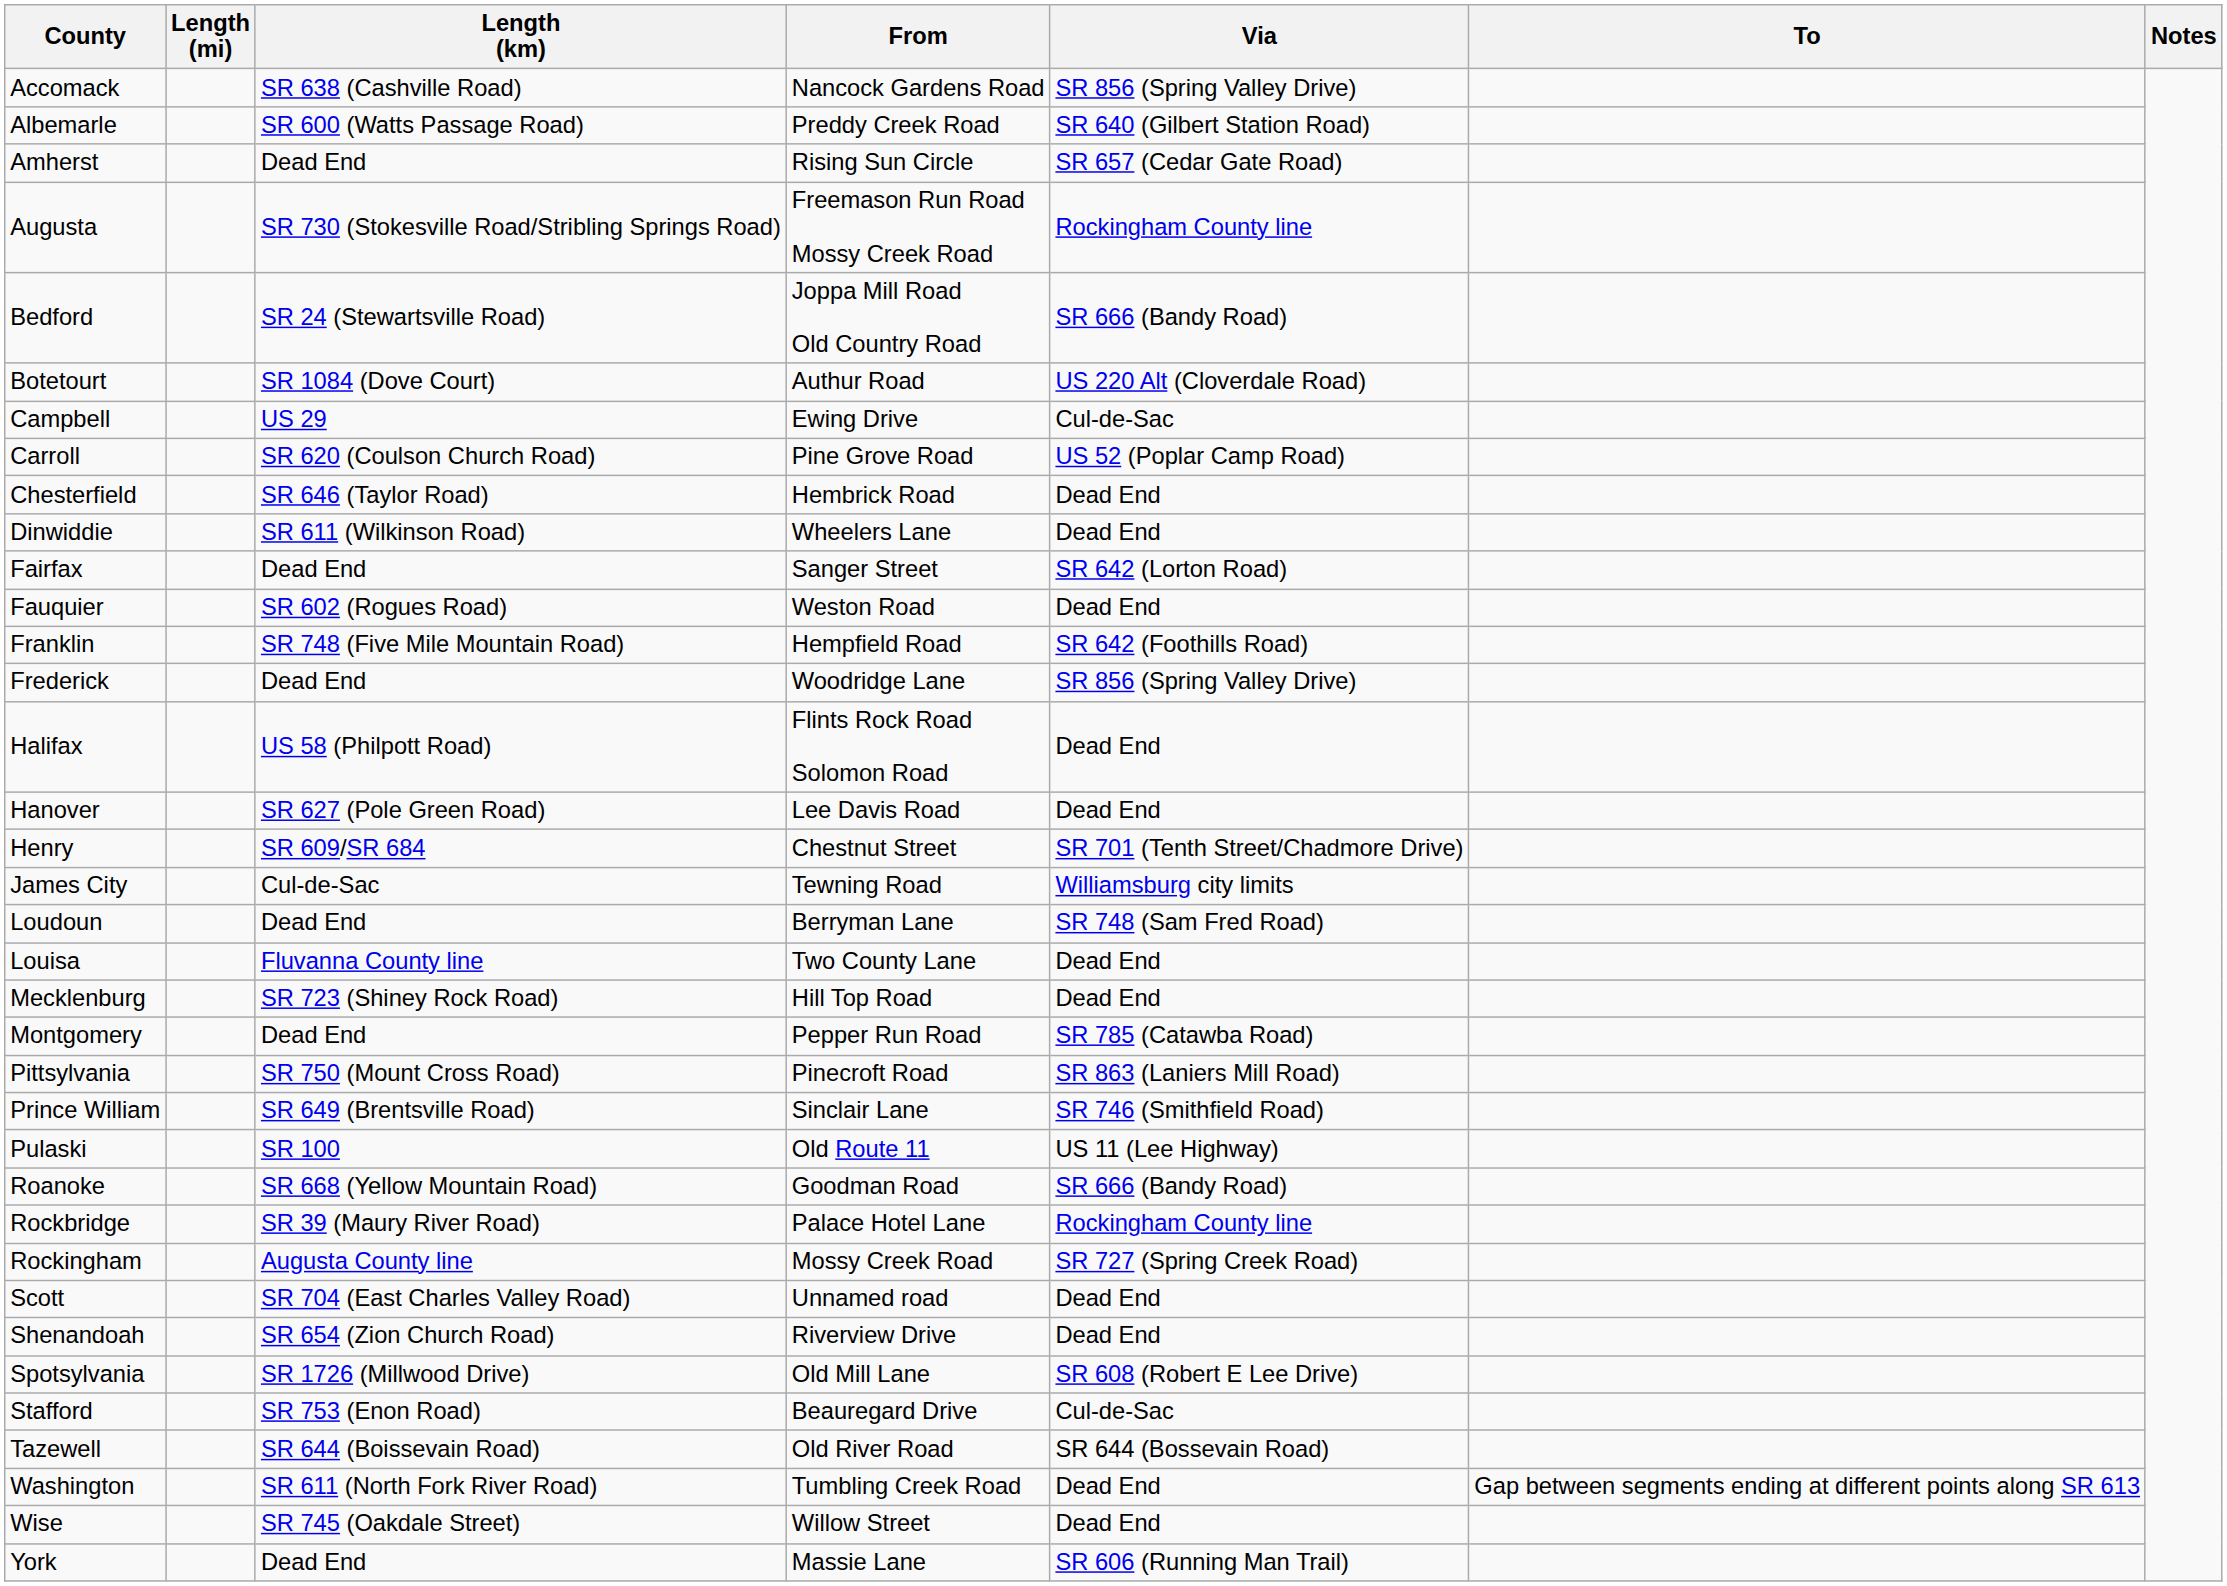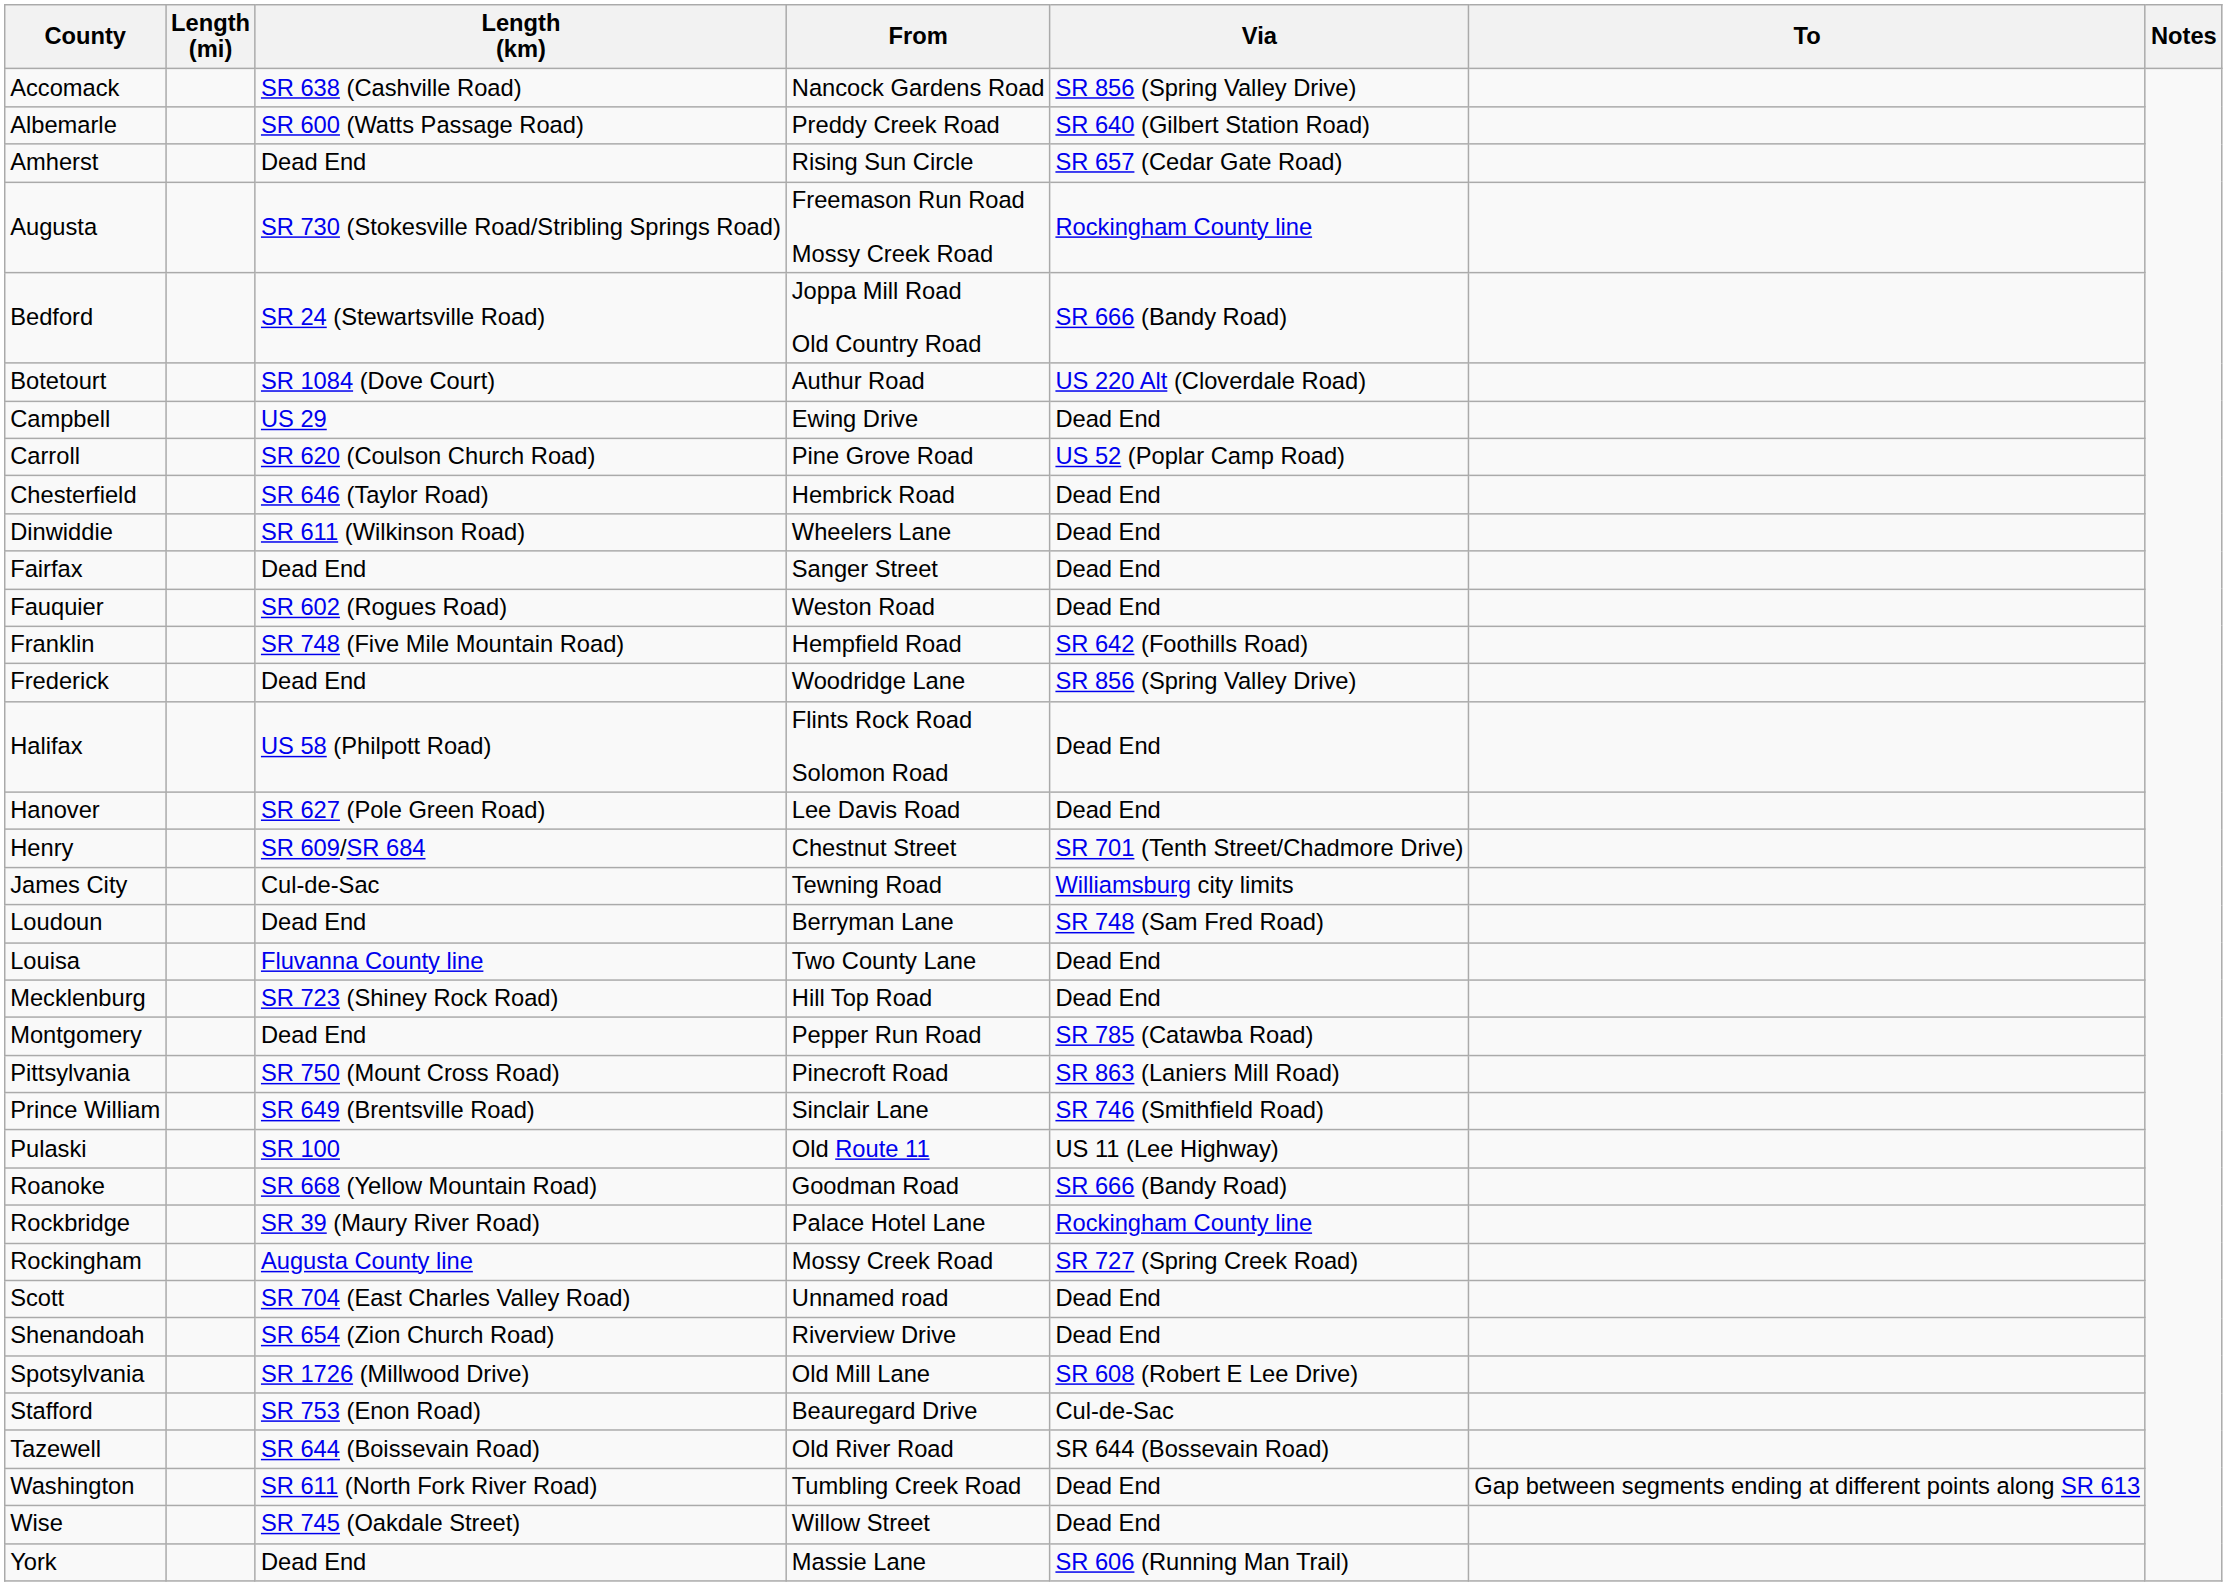 <table class="wikitable sortable">
 <tr>
 <th>County</th>
 <th>Length<br>(mi)</th>
 <th>Length<br>(km)</th>
 <th class="unsortable">From</th>
 <th class="unsortable">Via</th>
 <th class="unsortable">To</th>
 <th class="unsortable">Notes</th>
 </tr>
 <tr>
 <td id="Accomack">Accomack</td>
 <td></td>
 <td><a href='#'>SR 638</a> (Cashville Road)</td>
 <td>Nancock Gardens Road</td>
 <td><a href='#'>SR 856</a> (Spring Valley Drive)</td>
 <td></td>
 </tr>
 <tr>
 <td id="Albemarle">Albemarle</td>
 <td></td>
 <td><a href='#'>SR 600</a> (Watts Passage Road)</td>
 <td>Preddy Creek Road</td>
 <td><a href='#'>SR 640</a> (Gilbert Station Road)</td>
 <td><br> </td>
 </tr>
 <tr>
 <td id="Amherst">Amherst</td>
 <td></td>
 <td>Dead End</td>
 <td>Rising Sun Circle</td>
 <td><a href='#'>SR 657</a> (Cedar Gate Road)</td>
 <td><br> </td>
 </tr>
 <tr>
 <td id="Augusta">Augusta</td>
 <td></td>
 <td><a href='#'>SR 730</a> (Stokesville Road/Stribling Springs Road)</td>
 <td>Freemason Run Road<br><br>Mossy Creek Road</td>
 <td><a href='#'>Rockingham County line</a></td>
 <td><br></td>
 </tr>
 <tr>
 <td id="Bedford">Bedford</td>
 <td></td>
 <td><a href='#'>SR 24</a> (Stewartsville Road)</td>
 <td>Joppa Mill Road<br><br>Old Country Road</td>
 <td><a href='#'>SR 666</a> (Bandy Road)</td>
 <td><br></td>
 </tr>
 <tr>
 <td id="Botetourt">Botetourt</td>
 <td></td>
 <td><a href='#'>SR 1084</a> (Dove Court)</td>
 <td>Authur Road</td>
 <td><a href='#'>US 220 Alt</a> (Cloverdale Road)</td>
 <td><br>  </td>
 </tr>
 <tr>
 <td id="Campbell">Campbell</td>
 <td></td>
 <td><a href='#'>US 29</a></td>
 <td>Ewing Drive</td>
-<td>Cul-de-Sac</td>
+<td>Dead End</td>
 <td><br></td>
 </tr>
 <tr>
 <td id="Carroll">Carroll</td>
 <td></td>
 <td><a href='#'>SR 620</a> (Coulson Church Road)</td>
 <td>Pine Grove Road</td>
 <td><a href='#'>US 52</a> (Poplar Camp Road)</td>
 <td><br> </td>
 </tr>
 <tr>
 <td id="Chesterfield">Chesterfield</td>
 <td></td>
 <td><a href='#'>SR 646</a> (Taylor Road)</td>
 <td>Hembrick Road</td>
 <td>Dead End</td>
 <td><br>    </td>
 </tr>
 <tr>
 <td id="Dinwiddie">Dinwiddie</td>
 <td></td>
 <td><a href='#'>SR 611</a> (Wilkinson Road)</td>
 <td>Wheelers Lane</td>
 <td>Dead End</td>
 <td><br></td>
 </tr>
 <tr>
 <td id="Fairfax">Fairfax</td>
 <td></td>
 <td>Dead End</td>
 <td>Sanger Street</td>
-<td><a href='#'>SR 642</a> (Lorton Road)</td>
+<td>Dead End</td>
 <td></td>
 </tr>
 <tr>
 <td id="Fauquier">Fauquier</td>
 <td></td>
 <td><a href='#'>SR 602</a> (Rogues Road)</td>
 <td>Weston Road</td>
 <td>Dead End</td>
 <td><br> </td>
 </tr>
 <tr>
 <td id="Franklin">Franklin</td>
 <td></td>
 <td><a href='#'>SR 748</a> (Five Mile Mountain Road)</td>
 <td>Hempfield Road</td>
 <td><a href='#'>SR 642</a> (Foothills Road)</td>
 <td></td>
 </tr>
 <tr>
 <td id="Frederick">Frederick</td>
 <td></td>
 <td>Dead End</td>
 <td>Woodridge Lane</td>
 <td><a href='#'>SR 856</a> (Spring Valley Drive)</td>
 <td><br>     </td>
 </tr>
 <tr>
 <td id="Halifax">Halifax</td>
 <td></td>
 <td><a href='#'>US 58</a> (Philpott Road)</td>
 <td>Flints Rock Road<br><br>Solomon Road</td>
 <td>Dead End</td>
 <td></td>
 </tr>
 <tr>
 <td id="Hanover">Hanover</td>
 <td></td>
 <td><a href='#'>SR 627</a> (Pole Green Road)</td>
 <td>Lee Davis Road</td>
 <td>Dead End</td>
 <td><br></td>
 </tr>
 <tr>
 <td id="Henry">Henry</td>
 <td></td>
 <td><a href='#'>SR 609</a>/<a href='#'>SR 684</a></td>
 <td>Chestnut Street</td>
 <td><a href='#'>SR 701</a> (Tenth Street/Chadmore Drive)</td>
 <td><br> </td>
 </tr>
 <tr>
 <td id="James City">James City</td>
 <td></td>
 <td>Cul-de-Sac</td>
 <td>Tewning Road</td>
 <td><a href='#'>Williamsburg</a> city limits</td>
 <td><br>    </td>
 </tr>
 <tr>
 <td id="Loudoun">Loudoun</td>
 <td></td>
 <td>Dead End</td>
 <td>Berryman Lane</td>
 <td><a href='#'>SR 748</a> (Sam Fred Road)</td>
 <td></td>
 </tr>
 <tr>
 <td id="Louisa">Louisa</td>
 <td></td>
 <td><a href='#'>Fluvanna County line</a></td>
 <td>Two County Lane</td>
 <td>Dead End</td>
 <td><br>  </td>
 </tr>
 <tr>
 <td id="Mecklenburg">Mecklenburg</td>
 <td></td>
 <td><a href='#'>SR 723</a> (Shiney Rock Road)</td>
 <td>Hill Top Road</td>
 <td>Dead End</td>
 <td><br></td>
 </tr>
 <tr>
 <td id="Montgomery">Montgomery</td>
 <td></td>
 <td>Dead End</td>
 <td>Pepper Run Road</td>
 <td><a href='#'>SR 785</a> (Catawba Road)</td>
 <td><br>       </td>
 </tr>
 <tr>
 <td id="Pittsylvania">Pittsylvania</td>
 <td></td>
 <td><a href='#'>SR 750</a> (Mount Cross Road)</td>
 <td>Pinecroft Road</td>
 <td><a href='#'>SR 863</a> (Laniers Mill Road)</td>
 <td><br>  </td>
 </tr>
 <tr>
 <td id="Prince William">Prince William</td>
 <td></td>
 <td><a href='#'>SR 649</a> (Brentsville Road)</td>
 <td>Sinclair Lane</td>
 <td><a href='#'>SR 746</a> (Smithfield Road)</td>
 <td></td>
 </tr>
 <tr>
 <td id="Pulaski">Pulaski</td>
 <td></td>
 <td><a href='#'>SR 100</a></td>
 <td>Old <a href='#'>Route 11</a></td>
 <td>US 11 (Lee Highway)</td>
 <td><br> </td>
 </tr>
 <tr>
 <td id="Roanoke">Roanoke</td>
 <td></td>
 <td><a href='#'>SR 668</a> (Yellow Mountain Road)</td>
 <td>Goodman Road</td>
 <td><a href='#'>SR 666</a> (Bandy Road)</td>
 <td></td>
 </tr>
 <tr>
 <td id="Rockbridge">Rockbridge</td>
 <td></td>
 <td><a href='#'>SR 39</a> (Maury River Road)</td>
 <td>Palace Hotel Lane</td>
 <td><a href='#'>Rockingham County line</a></td>
 <td></td>
 </tr>
 <tr>
 <td id="Rockingham">Rockingham</td>
 <td></td>
 <td><a href='#'>Augusta County line</a></td>
 <td>Mossy Creek Road</td>
 <td><a href='#'>SR 727</a> (Spring Creek Road)</td>
 <td><br></td>
 </tr>
 <tr>
 <td id="Scott">Scott</td>
 <td></td>
 <td><a href='#'>SR 704</a> (East Charles Valley Road)</td>
 <td>Unnamed road</td>
 <td>Dead End</td>
 <td></td>
 </tr>
 <tr>
 <td id="Shenandoah">Shenandoah</td>
 <td></td>
 <td><a href='#'>SR 654</a> (Zion Church Road)</td>
 <td>Riverview Drive</td>
 <td>Dead End</td>
 <td><br> </td>
 </tr>
 <tr>
 <td id="Spotsylvania">Spotsylvania</td>
 <td></td>
 <td><a href='#'>SR 1726</a> (Millwood Drive)</td>
 <td>Old Mill Lane</td>
 <td><a href='#'>SR 608</a> (Robert E Lee Drive)</td>
 <td></td>
 </tr>
 <tr>
 <td id="Stafford">Stafford</td>
 <td></td>
 <td><a href='#'>SR 753</a> (Enon Road)</td>
 <td>Beauregard Drive</td>
 <td>Cul-de-Sac</td>
 <td><br> </td>
 </tr>
 <tr>
 <td id="Tazewell">Tazewell</td>
 <td></td>
 <td><a href='#'>SR 644</a> (Boissevain Road)</td>
 <td>Old River Road</td>
 <td>SR 644 (Bossevain Road)</td>
 <td><br></td>
 </tr>
 <tr>
 <td id="Washington">Washington</td>
 <td></td>
 <td><a href='#'>SR 611</a> (North Fork River Road)</td>
 <td>Tumbling Creek Road</td>
 <td>Dead End</td>
 <td>Gap between segments ending at different points along <a href='#'>SR 613</a><br></td>
 </tr>
 <tr>
 <td id="Wise">Wise</td>
 <td></td>
 <td><a href='#'>SR 745</a> (Oakdale Street)</td>
 <td>Willow Street</td>
 <td>Dead End</td>
 <td><br></td>
 </tr>
 <tr>
 <td id="York">York</td>
 <td></td>
 <td>Dead End</td>
 <td>Massie Lane</td>
 <td><a href='#'>SR 606</a> (Running Man Trail)</td>
 <td></td>
 </tr>
 </table>
